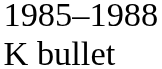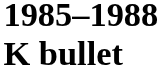 <table style="width:80px;">
 <tr>
 <td></td>
 </tr>
 <tr>
-<td><div>1985–1988 K bullet</div></td>
+<td><strong><div>1985–1988 K bullet</div></strong></td>
 </tr>
 </table>
